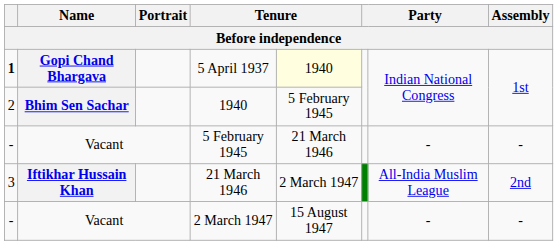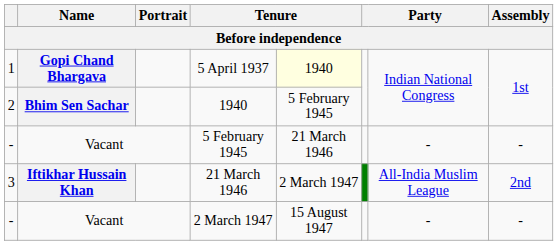 <table class="wikitable" style="width:100%; text-align:center">
 <tr>
 <th></th>
 <th>Name<br></th>
 <th>Portrait</th>
 <th colspan=2>Tenure</th>
 <th colspan=2>Party</th>
 <th>Assembly</th>
 </tr>
 <tr>
 <th colspan=8>Before independence</th>
 </tr>
 <tr>
-<td><strong>1</strong></td>
+<td>1</td>
 <th><a href='#'>Gopi Chand Bhargava</a><br></th>
 <td></td>
 <td>5 April 1937</td>
 <td style="background: lightyellow;">1940</td>
 <td rowspan=2 style="background-color: "></td>
 <td rowspan=2><a href='#'>Indian National Congress</a></td>
 <td rowspan=2><a href='#'>1st</a></td>
 </tr>
 <tr>
 <td>2</td>
 <th><a href='#'>Bhim Sen Sachar</a><br></th>
 <td></td>
 <td>1940</td>
 <td>5 February 1945</td>
 </tr>
 <tr>
 <td>-</td>
 <td colspan=2>Vacant <br></td>
 <td>5 February 1945</td>
 <td>21 March 1946</td>
 <td></td>
 <td>-</td>
 <td>-</td>
 </tr>
 <tr>
 <td>3</td>
 <th><a href='#'>Iftikhar Hussain Khan</a><br></th>
 <td></td>
 <td>21 March 1946</td>
 <td>2 March 1947</td>
 <td style="background-color: Green"></td>
 <td><a href='#'>All-India Muslim League</a></td>
 <td><a href='#'>2nd</a></td>
 </tr>
 <tr>
 <td>-</td>
 <td colspan=2>Vacant <br></td>
 <td>2 March 1947</td>
 <td>15 August 1947</td>
 <td></td>
 <td>-</td>
 <td>-</td>
 </tr>
 </table>
